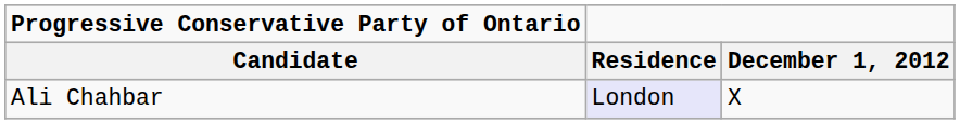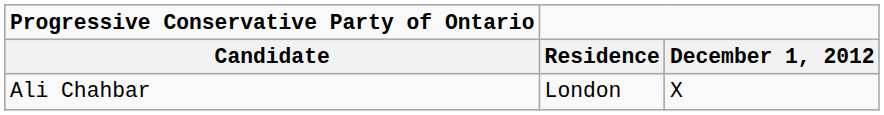 <table class="wikitable">
 <tr>
 <td style="text-align:center; background:"><strong>Progressive Conservative Party of Ontario</strong></td>
 </tr>
 <tr>
 <th align="left">Candidate</th>
 <th style="text-align:center;">Residence</th>
 <th align="left">December 1, 2012</th>
 </tr>
 <tr>
 <td>Ali Chahbar</td>
-<td style="background: lavender;">London</td>
+<td>London</td>
 <td>X</td>
 </tr>
 </table>
